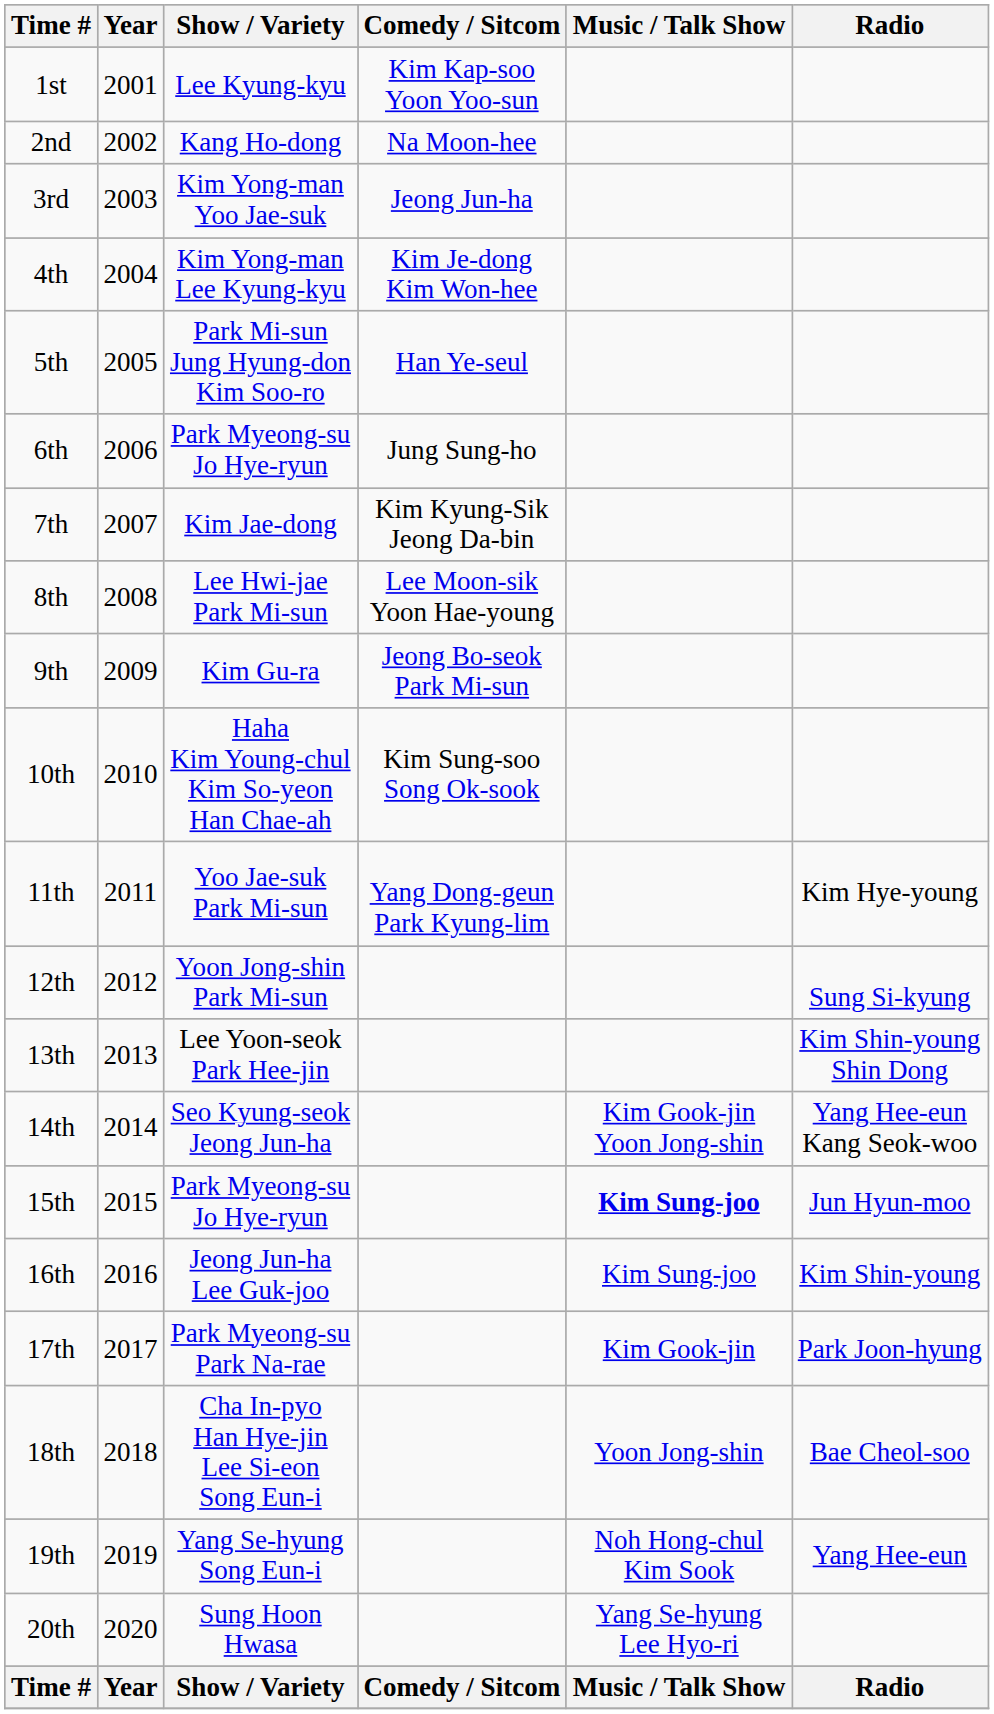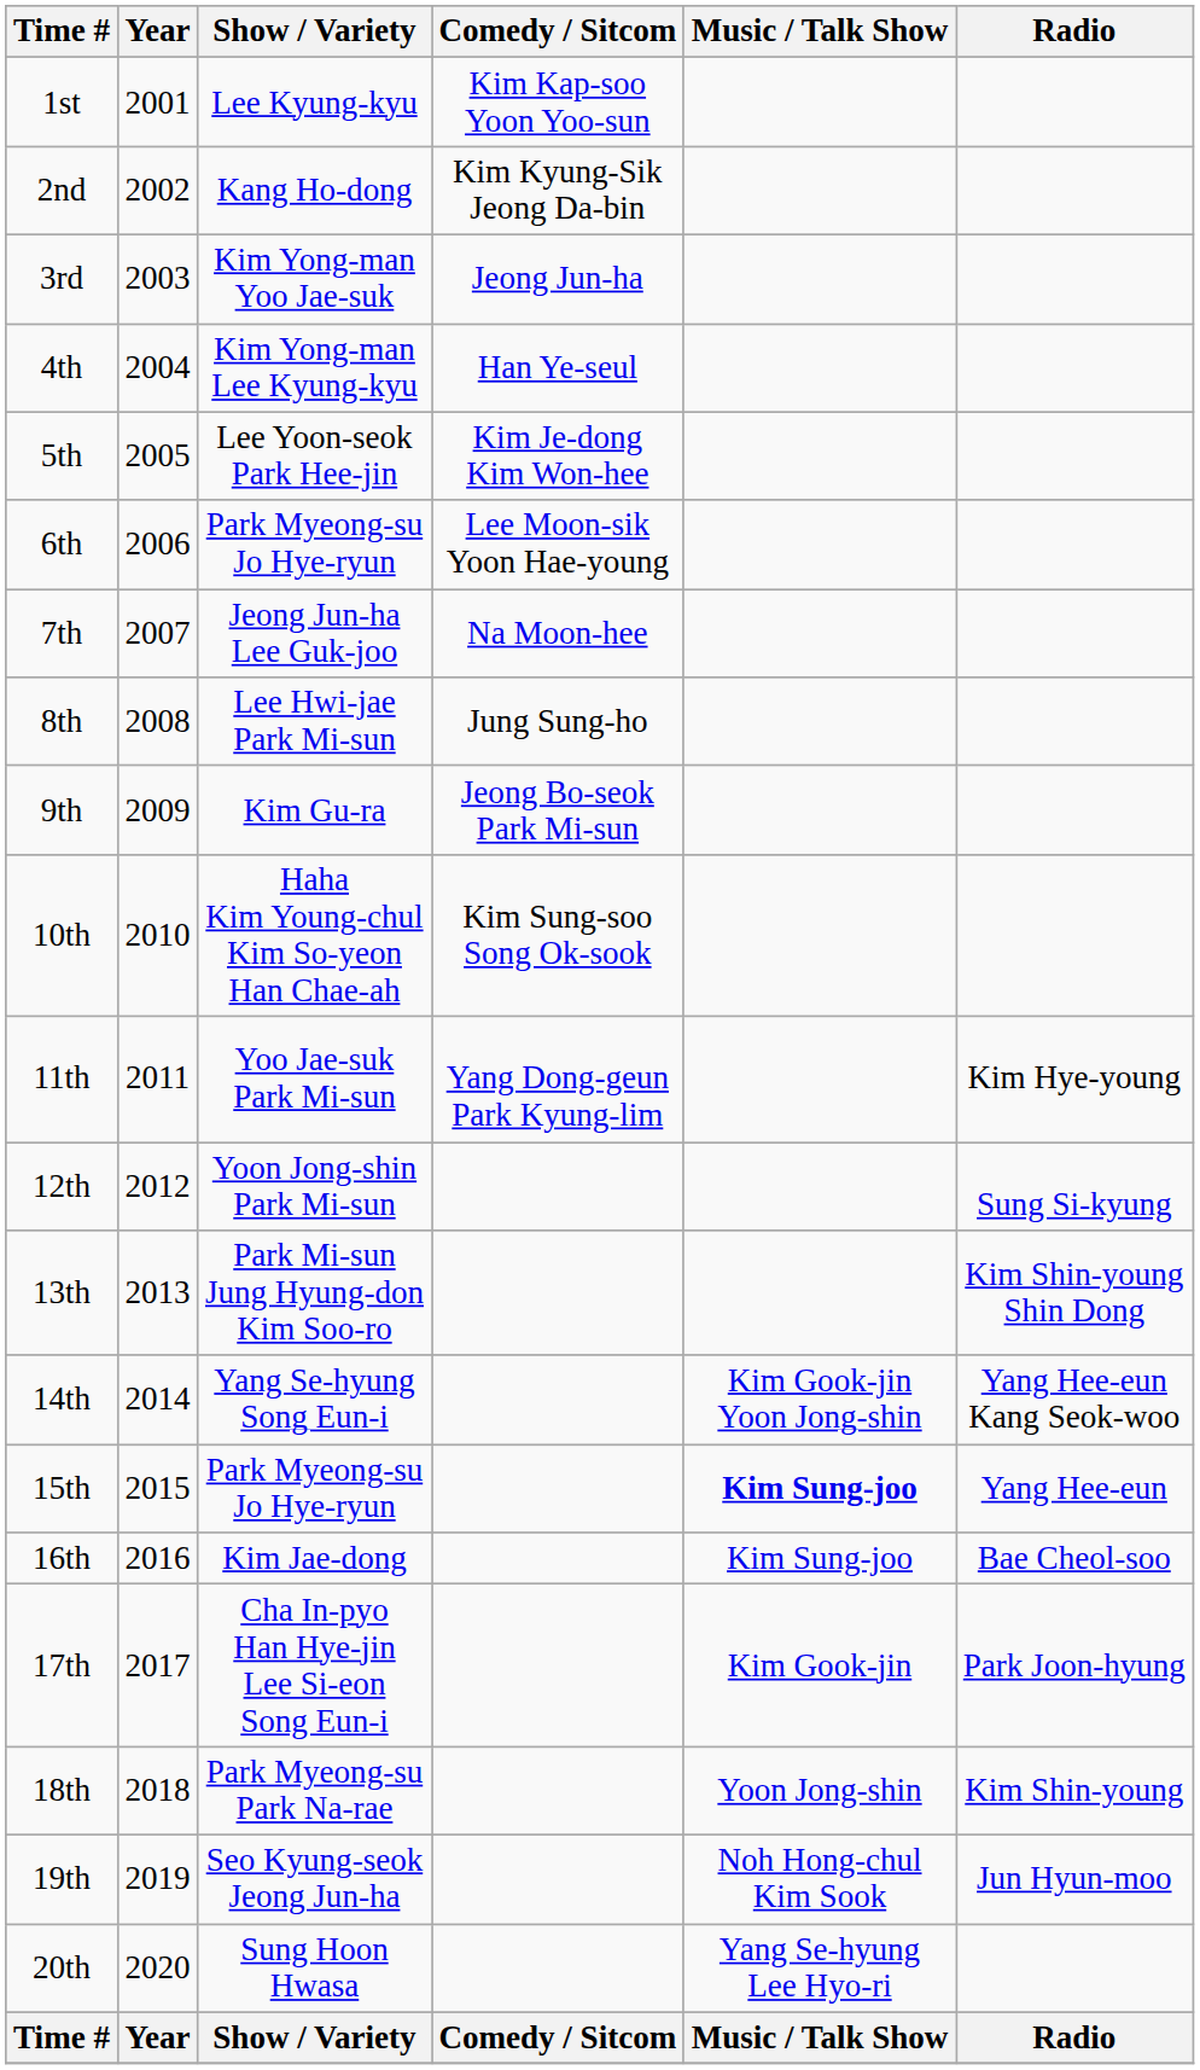 <table class="wikitable sortable" style="text-align:center">
 <tr>
 <th>Time #</th>
 <th>Year</th>
 <th>Show / Variety</th>
 <th>Comedy / Sitcom</th>
 <th>Music / Talk Show</th>
 <th>Radio</th>
 </tr>
 <tr>
 <td>1st</td>
 <td>2001</td>
 <td><a href='#'>Lee Kyung-kyu</a></td>
 <td><a href='#'>Kim Kap-soo</a><br><a href='#'>Yoon Yoo-sun</a></td>
 <td></td>
 <td></td>
 </tr>
 <tr>
 <td>2nd</td>
 <td>2002</td>
 <td><a href='#'>Kang Ho-dong</a><br></td>
-<td><a href='#'>Na Moon-hee</a></td>
+<td>Kim Kyung-Sik<br>Jeong Da-bin</td>
 <td></td>
 <td></td>
 </tr>
 <tr>
 <td>3rd</td>
 <td>2003</td>
 <td><a href='#'>Kim Yong-man</a><br><a href='#'>Yoo Jae-suk</a></td>
 <td><a href='#'>Jeong Jun-ha</a></td>
 <td></td>
 <td></td>
 </tr>
 <tr>
 <td>4th</td>
 <td>2004</td>
 <td><a href='#'>Kim Yong-man</a><br><a href='#'>Lee Kyung-kyu</a></td>
-<td><a href='#'>Kim Je-dong</a><br><a href='#'>Kim Won-hee</a></td>
+<td><a href='#'>Han Ye-seul</a></td>
 <td></td>
 <td></td>
 </tr>
 <tr>
 <td>5th</td>
 <td>2005</td>
-<td><a href='#'>Park Mi-sun</a><br><a href='#'>Jung Hyung-don</a><br><a href='#'>Kim Soo-ro</a></td>
-<td><a href='#'>Han Ye-seul</a></td>
+<td>Lee Yoon-seok<br><a href='#'>Park Hee-jin</a></td>
+<td><a href='#'>Kim Je-dong</a><br><a href='#'>Kim Won-hee</a></td>
 <td></td>
 <td></td>
 </tr>
 <tr>
 <td>6th</td>
 <td>2006</td>
 <td><a href='#'>Park Myeong-su</a><br><a href='#'>Jo Hye-ryun</a></td>
-<td>Jung Sung-ho<br></td>
+<td><a href='#'>Lee Moon-sik</a><br>Yoon Hae-young</td>
 <td></td>
 <td></td>
 </tr>
 <tr>
 <td>7th</td>
 <td>2007</td>
-<td><a href='#'>Kim Jae-dong</a><br></td>
-<td>Kim Kyung-Sik<br>Jeong Da-bin</td>
+<td><a href='#'>Jeong Jun-ha</a><br><a href='#'>Lee Guk-joo</a></td>
+<td><a href='#'>Na Moon-hee</a></td>
 <td></td>
 <td></td>
 </tr>
 <tr>
 <td>8th</td>
 <td>2008</td>
 <td><a href='#'>Lee Hwi-jae</a><br><a href='#'>Park Mi-sun</a></td>
-<td><a href='#'>Lee Moon-sik</a><br>Yoon Hae-young</td>
+<td>Jung Sung-ho<br></td>
 <td></td>
 <td></td>
 </tr>
 <tr>
 <td>9th</td>
 <td>2009</td>
 <td><a href='#'>Kim Gu-ra</a><br></td>
 <td><a href='#'>Jeong Bo-seok</a><br><a href='#'>Park Mi-sun</a></td>
 <td></td>
 <td></td>
 </tr>
 <tr>
 <td>10th</td>
 <td>2010</td>
 <td><a href='#'>Haha</a><br><a href='#'>Kim Young-chul</a><br><a href='#'>Kim So-yeon</a><br><a href='#'>Han Chae-ah</a></td>
 <td>Kim Sung-soo<br><a href='#'>Song Ok-sook</a></td>
 <td></td>
 <td></td>
 </tr>
 <tr>
 <td>11th</td>
 <td>2011</td>
 <td><a href='#'>Yoo Jae-suk</a><br><a href='#'>Park Mi-sun</a></td>
 <td><br><a href='#'>Yang Dong-geun</a><br><a href='#'>Park Kyung-lim</a></td>
 <td></td>
 <td>Kim Hye-young</td>
 </tr>
 <tr>
 <td>12th</td>
 <td>2012</td>
 <td><a href='#'>Yoon Jong-shin</a><br><a href='#'>Park Mi-sun</a></td>
 <td></td>
 <td></td>
 <td><br><a href='#'>Sung Si-kyung</a></td>
 </tr>
 <tr>
 <td>13th</td>
 <td>2013</td>
-<td>Lee Yoon-seok<br><a href='#'>Park Hee-jin</a></td>
+<td><a href='#'>Park Mi-sun</a><br><a href='#'>Jung Hyung-don</a><br><a href='#'>Kim Soo-ro</a></td>
 <td></td>
 <td></td>
 <td><a href='#'>Kim Shin-young</a><br><a href='#'>Shin Dong</a></td>
 </tr>
 <tr>
 <td>14th</td>
 <td>2014</td>
-<td><a href='#'>Seo Kyung-seok</a><br><a href='#'>Jeong Jun-ha</a></td>
+<td><a href='#'>Yang Se-hyung</a><br><a href='#'>Song Eun-i</a></td>
 <td></td>
 <td><a href='#'>Kim Gook-jin</a><br><a href='#'>Yoon Jong-shin</a></td>
 <td><a href='#'>Yang Hee-eun</a><br>Kang Seok-woo</td>
 </tr>
 <tr>
 <td>15th</td>
 <td>2015</td>
 <td><a href='#'>Park Myeong-su</a><br><a href='#'>Jo Hye-ryun</a></td>
 <td></td>
 <td><strong><a href='#'>Kim Sung-joo</a></strong></td>
-<td><a href='#'>Jun Hyun-moo</a></td>
+<td><a href='#'>Yang Hee-eun</a></td>
 </tr>
 <tr>
 <td>16th</td>
 <td>2016</td>
-<td><a href='#'>Jeong Jun-ha</a><br><a href='#'>Lee Guk-joo</a></td>
+<td><a href='#'>Kim Jae-dong</a><br></td>
 <td></td>
 <td><a href='#'>Kim Sung-joo</a></td>
-<td><a href='#'>Kim Shin-young</a></td>
+<td><a href='#'>Bae Cheol-soo</a></td>
 </tr>
 <tr>
 <td>17th</td>
 <td>2017</td>
-<td><a href='#'>Park Myeong-su</a><br><a href='#'>Park Na-rae</a></td>
+<td><a href='#'>Cha In-pyo</a><br><a href='#'>Han Hye-jin</a><br><a href='#'>Lee Si-eon</a><br><a href='#'>Song Eun-i</a></td>
 <td></td>
 <td><a href='#'>Kim Gook-jin</a></td>
 <td><a href='#'>Park Joon-hyung</a><br></td>
 </tr>
 <tr>
 <td>18th</td>
 <td>2018</td>
-<td><a href='#'>Cha In-pyo</a><br><a href='#'>Han Hye-jin</a><br><a href='#'>Lee Si-eon</a><br><a href='#'>Song Eun-i</a></td>
+<td><a href='#'>Park Myeong-su</a><br><a href='#'>Park Na-rae</a></td>
 <td></td>
 <td><a href='#'>Yoon Jong-shin</a></td>
-<td><a href='#'>Bae Cheol-soo</a></td>
+<td><a href='#'>Kim Shin-young</a></td>
 </tr>
 <tr>
 <td>19th</td>
 <td>2019</td>
-<td><a href='#'>Yang Se-hyung</a><br><a href='#'>Song Eun-i</a></td>
+<td><a href='#'>Seo Kyung-seok</a><br><a href='#'>Jeong Jun-ha</a></td>
 <td></td>
 <td><a href='#'>Noh Hong-chul</a><br><a href='#'>Kim Sook</a></td>
-<td><a href='#'>Yang Hee-eun</a></td>
+<td><a href='#'>Jun Hyun-moo</a></td>
 </tr>
 <tr>
 <td>20th</td>
 <td>2020</td>
 <td><a href='#'>Sung Hoon</a><br><a href='#'>Hwasa</a></td>
 <td></td>
 <td><a href='#'>Yang Se-hyung</a><br><a href='#'>Lee Hyo-ri</a></td>
 <td></td>
 </tr>
 <tr>
 <th>Time #</th>
 <th>Year</th>
 <th>Show / Variety</th>
 <th>Comedy / Sitcom</th>
 <th>Music / Talk Show</th>
 <th>Radio</th>
 </tr>
 <tr>
 </tr>
 </table>
